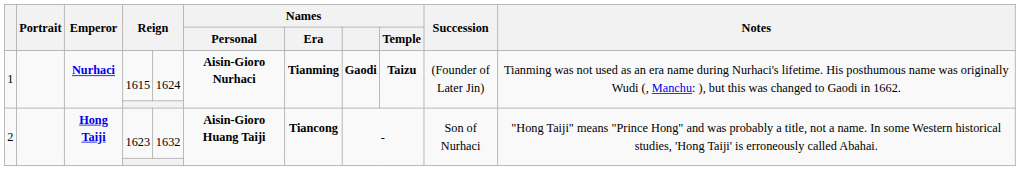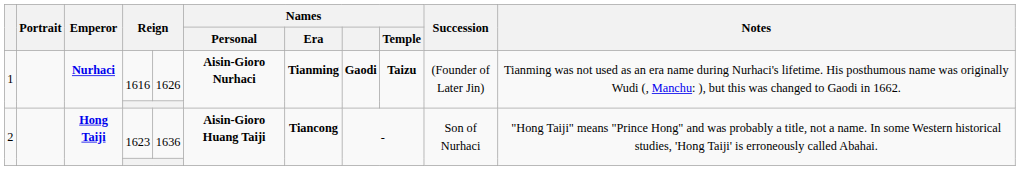 <table class="wikitable" style="line-height:1.4em; text-align:center; font-size:95% ">
 <tr>
 <th rowspan="2" scope="col"></th>
 <th rowspan="2" scope="col">Portrait</th>
 <th colspan="1" rowspan="2" scope="col">Emperor<br></th>
 <th colspan="2" rowspan="2" scope="colgroup">Reign</th>
 <th colspan="4" scope="colgroup">Names</th>
 <th rowspan="2" scope="col">Succession</th>
 <th rowspan="2">Notes</th>
 </tr>
 <tr>
 <th>Personal</th>
 <th>Era</th>
 <th></th>
 <th>Temple</th>
 </tr>
 <tr>
 <td scope="rowgroup" rowspan="2">1</td>
 <td rowspan="2"></td>
 <td rowspan="2"><strong><a href='#'>Nurhaci</a></strong><br><br></td>
-<td><br>1615</td>
-<td><br>1624</td>
+<td><br>1616</td>
+<td><br>1626</td>
 <td rowspan="2"><strong>Aisin-Gioro Nurhaci</strong><br><br><em></em></td>
 <td rowspan="2"><strong>Tianming</strong><br><br><em></em></td>
 <td rowspan="2" style="font-weight:normal"><strong>Gaodi</strong><br><br><em></em></td>
 <td rowspan="2"><strong>Taizu</strong><br><br><em></em></td>
 <td rowspan="2">(Founder of<br>Later Jin)</td>
 <td rowspan="2">Tianming was not used as an era name during Nurhaci's lifetime. His posthumous name was originally Wudi (, <a href='#'>Manchu</a>: ), but this was changed to Gaodi in 1662.</td>
 </tr>
 <tr>
 <th colspan="2" style="font-size:90%; font-weight:normal"></th>
 </tr>
 <tr>
 <td rowspan="2" scope="rowgroup">2</td>
 <td rowspan="2"></td>
 <td rowspan="2"><strong><a href='#'>Hong Taiji</a></strong><br><br></td>
 <td><br>1623</td>
-<td><br>1632</td>
+<td><br>1636</td>
 <td rowspan="2"><strong>Aisin-Gioro Huang Taiji</strong><br><br><em></em></td>
 <td rowspan="2"><strong>Tiancong</strong><br><br><em></em></td>
 <td colspan="2" rowspan="2">-</td>
 <td rowspan="2">Son of Nurhaci</td>
 <td rowspan="2">"Hong Taiji" means "Prince Hong" and was probably a title, not a name. In some Western historical studies, 'Hong Taiji' is erroneously called Abahai.</td>
 </tr>
 <tr>
 <th colspan="2" style="font-size:90%; font-weight:normal"></th>
 </tr>
 </table>
